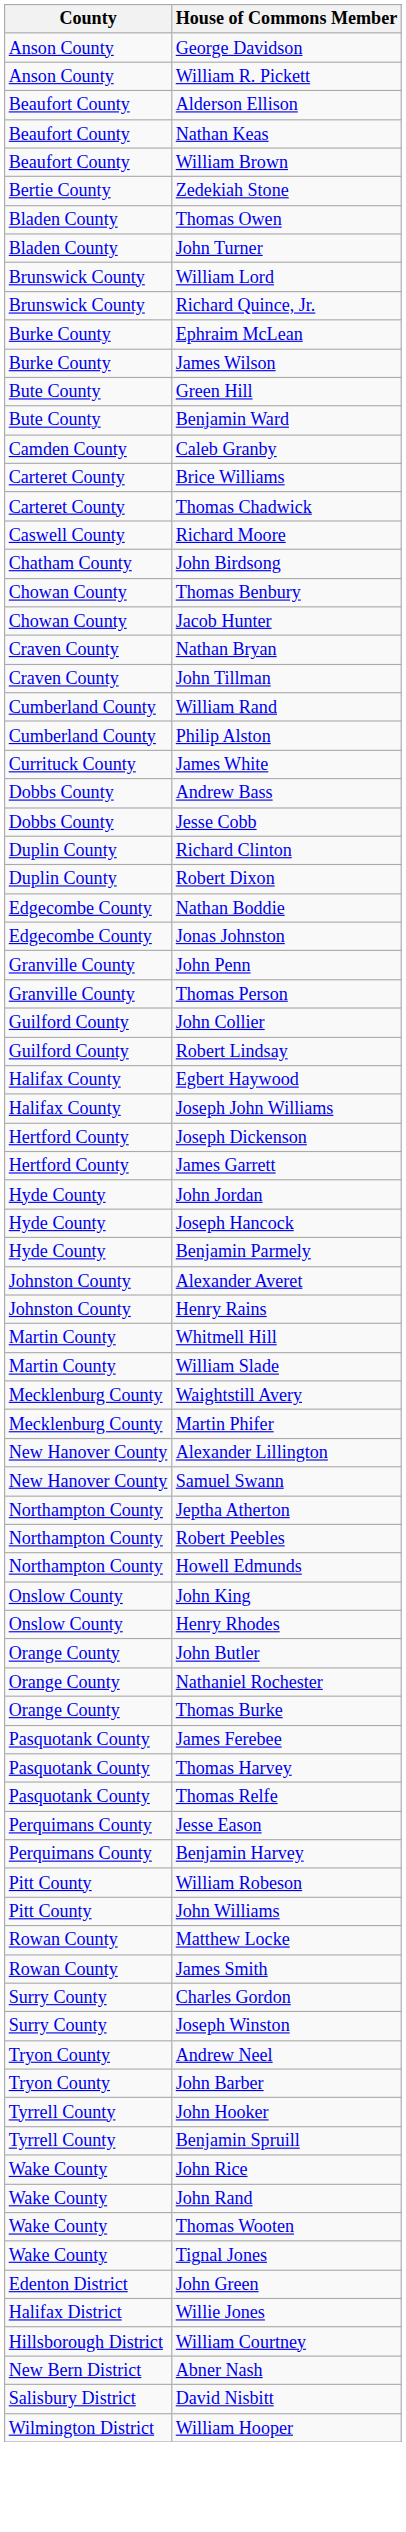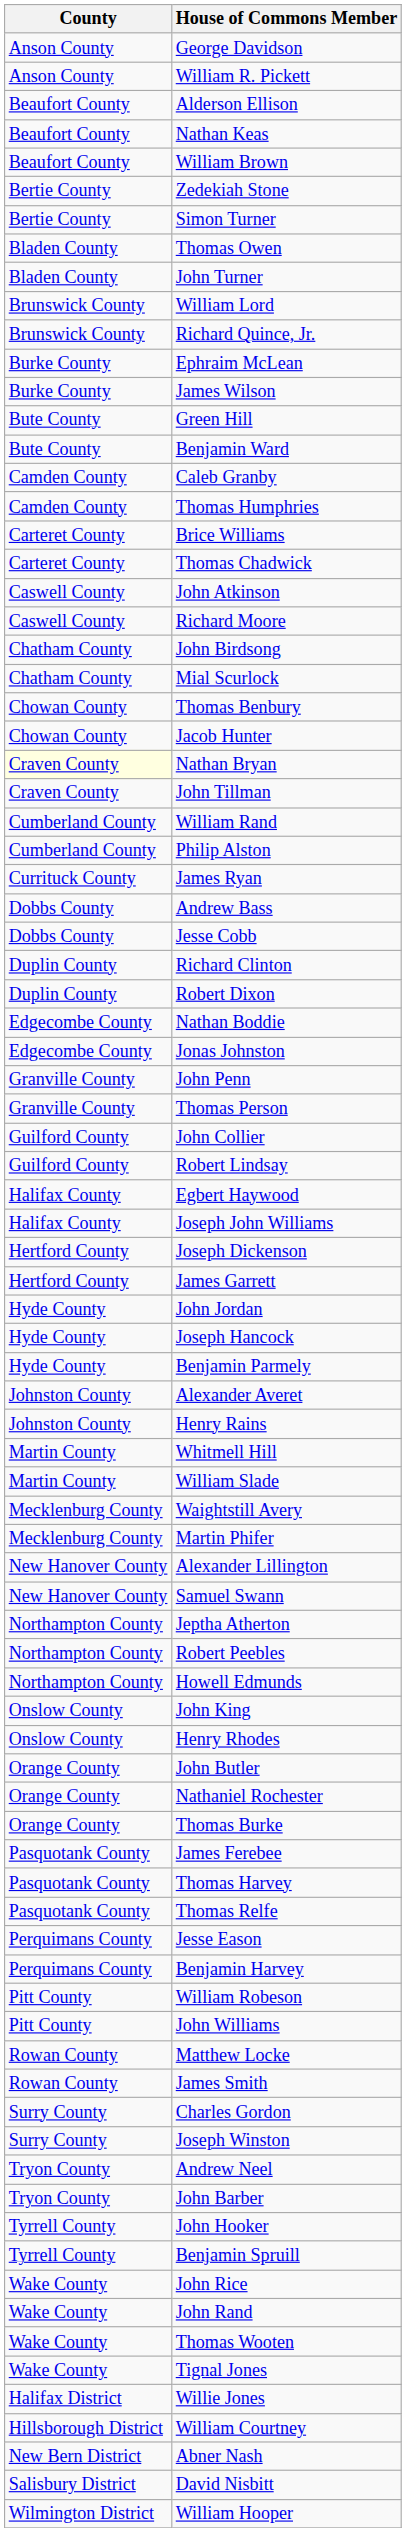 <table class="wikitable sortable mw-datatable">
 <tr>
 <th>County</th>
 <th>House of Commons Member</th>
 </tr>
 <tr>
 <td><a href='#'>Anson County</a></td>
 <td data-sort-value="Davidson, George"><a href='#'>George Davidson</a></td>
 </tr>
 <tr>
 <td><a href='#'>Anson County</a></td>
 <td data-sort-value="Pickett, William R."><a href='#'>William R. Pickett</a></td>
 </tr>
 <tr>
 <td><a href='#'>Beaufort County</a></td>
 <td data-sort-value="Ellison, Alderson"><a href='#'>Alderson Ellison</a></td>
 </tr>
 <tr>
 <td><a href='#'>Beaufort County</a></td>
 <td data-sort-value="Keas, Nathan"><a href='#'>Nathan Keas</a></td>
 </tr>
 <tr>
 <td><a href='#'>Beaufort County</a></td>
 <td data-sort-value="Brown, William"><a href='#'>William Brown</a></td>
 </tr>
 <tr>
 <td><a href='#'>Bertie County</a></td>
 <td data-sort-value="Stone, Zedekiah"><a href='#'>Zedekiah Stone</a></td>
+</tr>
+<tr>
+<td><a href='#'>Bertie County</a></td>
+<td data-sort-value="Turner, Simon"><a href='#'>Simon Turner</a></td>
 </tr>
 <tr>
 <td><a href='#'>Bladen County</a></td>
 <td data-sort-value="Owen, Thomas"><a href='#'>Thomas Owen</a></td>
 </tr>
 <tr>
 <td><a href='#'>Bladen County</a></td>
 <td data-sort-value="Turner, John"><a href='#'>John Turner</a></td>
 </tr>
 <tr>
 <td><a href='#'>Brunswick County</a></td>
 <td data-sort-value="Lord, William"><a href='#'>William Lord</a></td>
 </tr>
 <tr>
 <td><a href='#'>Brunswick County</a></td>
 <td data-sort-value="Quince, Richard, Jr."><a href='#'>Richard Quince, Jr.</a></td>
 </tr>
 <tr>
 <td><a href='#'>Burke County</a></td>
 <td data-sort-value="McLean, Ephraim"><a href='#'>Ephraim McLean</a></td>
 </tr>
 <tr>
 <td><a href='#'>Burke County</a></td>
 <td data-sort-value="Wilson, James"><a href='#'>James Wilson</a></td>
 </tr>
 <tr>
 <td><a href='#'>Bute County</a></td>
 <td data-sort-value="Hill, Green"><a href='#'>Green Hill</a></td>
 </tr>
 <tr>
 <td><a href='#'>Bute County</a></td>
 <td data-sort-value="Ward, Benjamin"><a href='#'>Benjamin Ward</a></td>
 </tr>
 <tr>
 <td><a href='#'>Camden County</a></td>
 <td data-sort-value="Granby, Caleb"><a href='#'>Caleb Granby</a></td>
 </tr>
 <tr>
+<td><a href='#'>Camden County</a></td>
+<td data-sort-value="Humphries, Thomas"><a href='#'>Thomas Humphries</a></td>
+</tr>
+<tr>
 <td><a href='#'>Carteret County</a></td>
 <td data-sort-value="Williams, Brice"><a href='#'>Brice Williams</a></td>
 </tr>
 <tr>
 <td><a href='#'>Carteret County</a></td>
 <td data-sort-value="Chadwick, Thomas"><a href='#'>Thomas Chadwick</a></td>
+</tr>
+<tr>
+<td><a href='#'>Caswell County</a></td>
+<td data-sort-value="Atkinson, John"><a href='#'>John Atkinson</a></td>
 </tr>
 <tr>
 <td><a href='#'>Caswell County</a></td>
 <td data-sort-value="Moore, Richard"><a href='#'>Richard Moore</a></td>
 </tr>
 <tr>
 <td><a href='#'>Chatham County</a></td>
 <td data-sort-value="Bridsong, John"><a href='#'>John Birdsong</a></td>
 </tr>
 <tr>
+<td><a href='#'>Chatham County</a></td>
+<td data-sort-value="Scurlock, Mial"><a href='#'>Mial Scurlock</a></td>
+</tr>
+<tr>
 <td><a href='#'>Chowan County</a></td>
 <td data-sort-value="Benbury, Thomas"><a href='#'>Thomas Benbury</a></td>
 </tr>
 <tr>
 <td><a href='#'>Chowan County</a></td>
 <td data-sort-value="Hunter, Jacob"><a href='#'>Jacob Hunter</a></td>
 </tr>
 <tr>
-<td><a href='#'>Craven County</a></td>
+<td style="background: lightyellow;"><a href='#'>Craven County</a></td>
 <td data-sort-value="Bryan, Nathan"><a href='#'>Nathan Bryan</a></td>
 </tr>
 <tr>
 <td><a href='#'>Craven County</a></td>
 <td data-sort-value="Tillman, John"><a href='#'>John Tillman</a></td>
 </tr>
 <tr>
 <td><a href='#'>Cumberland County</a></td>
 <td data-sort-value="Rand, William"><a href='#'>William Rand</a></td>
 </tr>
 <tr>
 <td><a href='#'>Cumberland County</a></td>
 <td data-sort-value="Alston, Philip"><a href='#'>Philip Alston</a></td>
 </tr>
 <tr>
 <td><a href='#'>Currituck County</a></td>
-<td data-sort-value="White, James"><a href='#'>James White</a></td>
+<td data-sort-value="Ryan, James"><a href='#'>James Ryan</a></td>
 </tr>
 <tr>
 <td><a href='#'>Dobbs County</a></td>
 <td data-sort-value="Bass, Andrew"><a href='#'>Andrew Bass</a></td>
 </tr>
 <tr>
 <td><a href='#'>Dobbs County</a></td>
 <td data-sort-value="Cobb, Jesse"><a href='#'>Jesse Cobb</a></td>
 </tr>
 <tr>
 <td><a href='#'>Duplin County</a></td>
 <td data-sort-value="Clinton, Richard"><a href='#'>Richard Clinton</a></td>
 </tr>
 <tr>
 <td><a href='#'>Duplin County</a></td>
 <td data-sort-value="Dixon, Robert"><a href='#'>Robert Dixon</a></td>
 </tr>
 <tr>
 <td><a href='#'>Edgecombe County</a></td>
 <td data-sort-value="Boddie, Nathan"><a href='#'>Nathan Boddie</a></td>
 </tr>
 <tr>
 <td><a href='#'>Edgecombe County</a></td>
 <td data-sort-value="Johnston, Jonas"><a href='#'>Jonas Johnston</a></td>
 </tr>
 <tr>
 <td><a href='#'>Granville County</a></td>
 <td data-sort-value="Penn, John"><a href='#'>John Penn</a></td>
 </tr>
 <tr>
 <td><a href='#'>Granville County</a></td>
 <td data-sort-value="Person, Thomas"><a href='#'>Thomas Person</a></td>
 </tr>
 <tr>
 <td><a href='#'>Guilford County</a></td>
 <td data-sort-value="Collier, John"><a href='#'>John Collier</a></td>
 </tr>
 <tr>
 <td><a href='#'>Guilford County</a></td>
 <td data-sort-value="Lindsay, Robert"><a href='#'>Robert Lindsay</a></td>
 </tr>
 <tr>
 <td><a href='#'>Halifax County</a></td>
 <td data-sort-value="Egbert, Haywood"><a href='#'>Egbert Haywood</a></td>
 </tr>
 <tr>
 <td><a href='#'>Halifax County</a></td>
 <td data-sort-value="Williams, Joseph"><a href='#'>Joseph John Williams</a></td>
 </tr>
 <tr>
 <td><a href='#'>Hertford County</a></td>
 <td data-sort-value="Dickenson, Joseph"><a href='#'>Joseph Dickenson</a></td>
 </tr>
 <tr>
 <td><a href='#'>Hertford County</a></td>
 <td data-sort-value="Garrett, James"><a href='#'>James Garrett</a></td>
 </tr>
 <tr>
 <td><a href='#'>Hyde County</a></td>
 <td data-sort-value="Jordan, John"><a href='#'>John Jordan</a></td>
 </tr>
 <tr>
 <td><a href='#'>Hyde County</a></td>
 <td data-sort-value="Hancock, Joseph"><a href='#'>Joseph Hancock</a></td>
 </tr>
 <tr>
 <td><a href='#'>Hyde County</a></td>
 <td data-sort-value="Parmely, Benjamin"><a href='#'>Benjamin Parmely</a></td>
 </tr>
 <tr>
 <td><a href='#'>Johnston County</a></td>
 <td data-sort-value="Averet, Alexander"><a href='#'>Alexander Averet</a></td>
 </tr>
 <tr>
 <td><a href='#'>Johnston County</a></td>
 <td data-sort-value="Rains, Henry"><a href='#'>Henry Rains</a></td>
 </tr>
 <tr>
 <td><a href='#'>Martin County</a></td>
 <td data-sort-value="Hill, Whitmell"><a href='#'>Whitmell Hill</a></td>
 </tr>
 <tr>
 <td><a href='#'>Martin County</a></td>
 <td data-sort-value="Slade, WIlliam"><a href='#'>William Slade</a></td>
 </tr>
 <tr>
 <td><a href='#'>Mecklenburg County</a></td>
 <td data-sort-value="Avery, Waightstill"><a href='#'>Waightstill Avery</a></td>
 </tr>
 <tr>
 <td><a href='#'>Mecklenburg County</a></td>
 <td data-sort-value="Phifer, Martin"><a href='#'>Martin Phifer</a></td>
 </tr>
 <tr>
 <td><a href='#'>New Hanover County</a></td>
 <td data-sort-value="Lillington, Alexander"><a href='#'>Alexander Lillington</a></td>
 </tr>
 <tr>
 <td><a href='#'>New Hanover County</a></td>
 <td data-sort-value="Swann, Samuel"><a href='#'>Samuel Swann</a></td>
 </tr>
 <tr>
 <td><a href='#'>Northampton County</a></td>
 <td data-sort-value="Atherton, Jeptha"><a href='#'>Jeptha Atherton</a></td>
 </tr>
 <tr>
 <td><a href='#'>Northampton County</a></td>
 <td data-sort-value="Peebles, Robert"><a href='#'>Robert Peebles</a></td>
 </tr>
 <tr>
 <td><a href='#'>Northampton County</a></td>
 <td data-sort-value="Edmunds, Howell"><a href='#'>Howell Edmunds</a></td>
 </tr>
 <tr>
 <td><a href='#'>Onslow County</a></td>
 <td data-sort-value="King, John"><a href='#'>John King</a></td>
 </tr>
 <tr>
 <td><a href='#'>Onslow County</a></td>
 <td data-sort-value="Rhodes, Henry"><a href='#'>Henry Rhodes</a></td>
 </tr>
 <tr>
 <td><a href='#'>Orange County</a></td>
 <td data-sort-value="Butler, John"><a href='#'>John Butler</a></td>
 </tr>
 <tr>
 <td><a href='#'>Orange County</a></td>
 <td data-sort-value="Rochester, Nathaniel"><a href='#'>Nathaniel Rochester</a></td>
 </tr>
 <tr>
 <td><a href='#'>Orange County</a></td>
 <td data-sort-value="Burke, Thomas"><a href='#'>Thomas Burke</a></td>
 </tr>
 <tr>
 <td><a href='#'>Pasquotank County</a></td>
 <td data-sort-value="Ferebee, James"><a href='#'>James Ferebee</a></td>
 </tr>
 <tr>
 <td><a href='#'>Pasquotank County</a></td>
 <td data-sort-value="Harvey, Thomas"><a href='#'>Thomas Harvey</a></td>
 </tr>
 <tr>
 <td><a href='#'>Pasquotank County</a></td>
 <td data-sort-value="Relfe, Thomas"><a href='#'>Thomas Relfe</a></td>
 </tr>
 <tr>
 <td><a href='#'>Perquimans County</a></td>
 <td data-sort-value="Easton, Jesse"><a href='#'>Jesse Eason</a></td>
 </tr>
 <tr>
 <td><a href='#'>Perquimans County</a></td>
 <td data-sort-value="Harvey, Benjamin"><a href='#'>Benjamin Harvey</a></td>
 </tr>
 <tr>
 <td><a href='#'>Pitt County</a></td>
 <td data-sort-value="Robeson, William"><a href='#'>William Robeson</a></td>
 </tr>
 <tr>
 <td><a href='#'>Pitt County</a></td>
 <td data-sort-value="Williams, John"><a href='#'>John Williams</a></td>
 </tr>
 <tr>
 <td><a href='#'>Rowan County</a></td>
 <td data-sort-value="Locke, Matthew"><a href='#'>Matthew Locke</a></td>
 </tr>
 <tr>
 <td><a href='#'>Rowan County</a></td>
 <td data-sort-value="Smith, James"><a href='#'>James Smith</a></td>
 </tr>
 <tr>
 <td><a href='#'>Surry County</a></td>
 <td data-sort-value="Gordon, Charles"><a href='#'>Charles Gordon</a></td>
 </tr>
 <tr>
 <td><a href='#'>Surry County</a></td>
 <td data-sort-value="Winston, Joseph"><a href='#'>Joseph Winston</a></td>
 </tr>
 <tr>
 <td><a href='#'>Tryon County</a></td>
 <td data-sort-value="Neel, Andrew"><a href='#'>Andrew Neel</a></td>
 </tr>
 <tr>
 <td><a href='#'>Tryon County</a></td>
 <td data-sort-value="Barber, John"><a href='#'>John Barber</a></td>
 </tr>
 <tr>
 <td><a href='#'>Tyrrell County</a></td>
 <td data-sort-value="Hooker, John"><a href='#'>John Hooker</a></td>
 </tr>
 <tr>
 <td><a href='#'>Tyrrell County</a></td>
 <td data-sort-value="Spruill, Benjamin"><a href='#'>Benjamin Spruill</a></td>
 </tr>
 <tr>
 <td><a href='#'>Wake County</a></td>
 <td data-sort-value="Rice, John"><a href='#'>John Rice</a></td>
 </tr>
 <tr>
 <td><a href='#'>Wake County</a></td>
 <td data-sort-value="Rand, John"><a href='#'>John Rand</a></td>
 </tr>
 <tr>
 <td><a href='#'>Wake County</a></td>
 <td data-sort-value="Wooten, Thomas"><a href='#'>Thomas Wooten</a></td>
 </tr>
 <tr>
 <td><a href='#'>Wake County</a></td>
 <td data-sort-value="Jones, Tignal"><a href='#'>Tignal Jones</a></td>
 </tr>
 <tr>
-<td><a href='#'>Edenton District</a></td>
-<td data-sort-value="Green, John"><a href='#'>John Green</a></td>
-</tr>
-<tr>
 <td><a href='#'>Halifax District</a></td>
 <td data-sort-value="Jones, Willie"><a href='#'>Willie Jones</a></td>
 </tr>
 <tr>
 <td><a href='#'>Hillsborough District</a></td>
 <td data-sort-value="Courtney, William"><a href='#'>William Courtney</a></td>
 </tr>
 <tr>
 <td><a href='#'>New Bern District</a></td>
 <td data-sort-value="Nash, Abner"><a href='#'>Abner Nash</a></td>
 </tr>
 <tr>
 <td><a href='#'>Salisbury District</a></td>
 <td data-sort-value="Nisbitt, David"><a href='#'>David Nisbitt</a></td>
 </tr>
 <tr>
 <td><a href='#'>Wilmington District</a></td>
 <td data-sort-value="Hooper, William"><a href='#'>William Hooper</a></td>
 </tr>
 </table>
